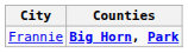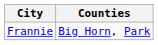 <table class="wikitable sortable">
 <tr>
 <th>City</th>
 <th>Counties</th>
 </tr>
 <tr>
 <td><a href='#'>Frannie</a></td>
-<td><strong><a href='#'>Big Horn</a>, <a href='#'>Park</a></strong></td>
+<td><a href='#'>Big Horn</a>, <a href='#'>Park</a></td>
 </tr>
 </table>
